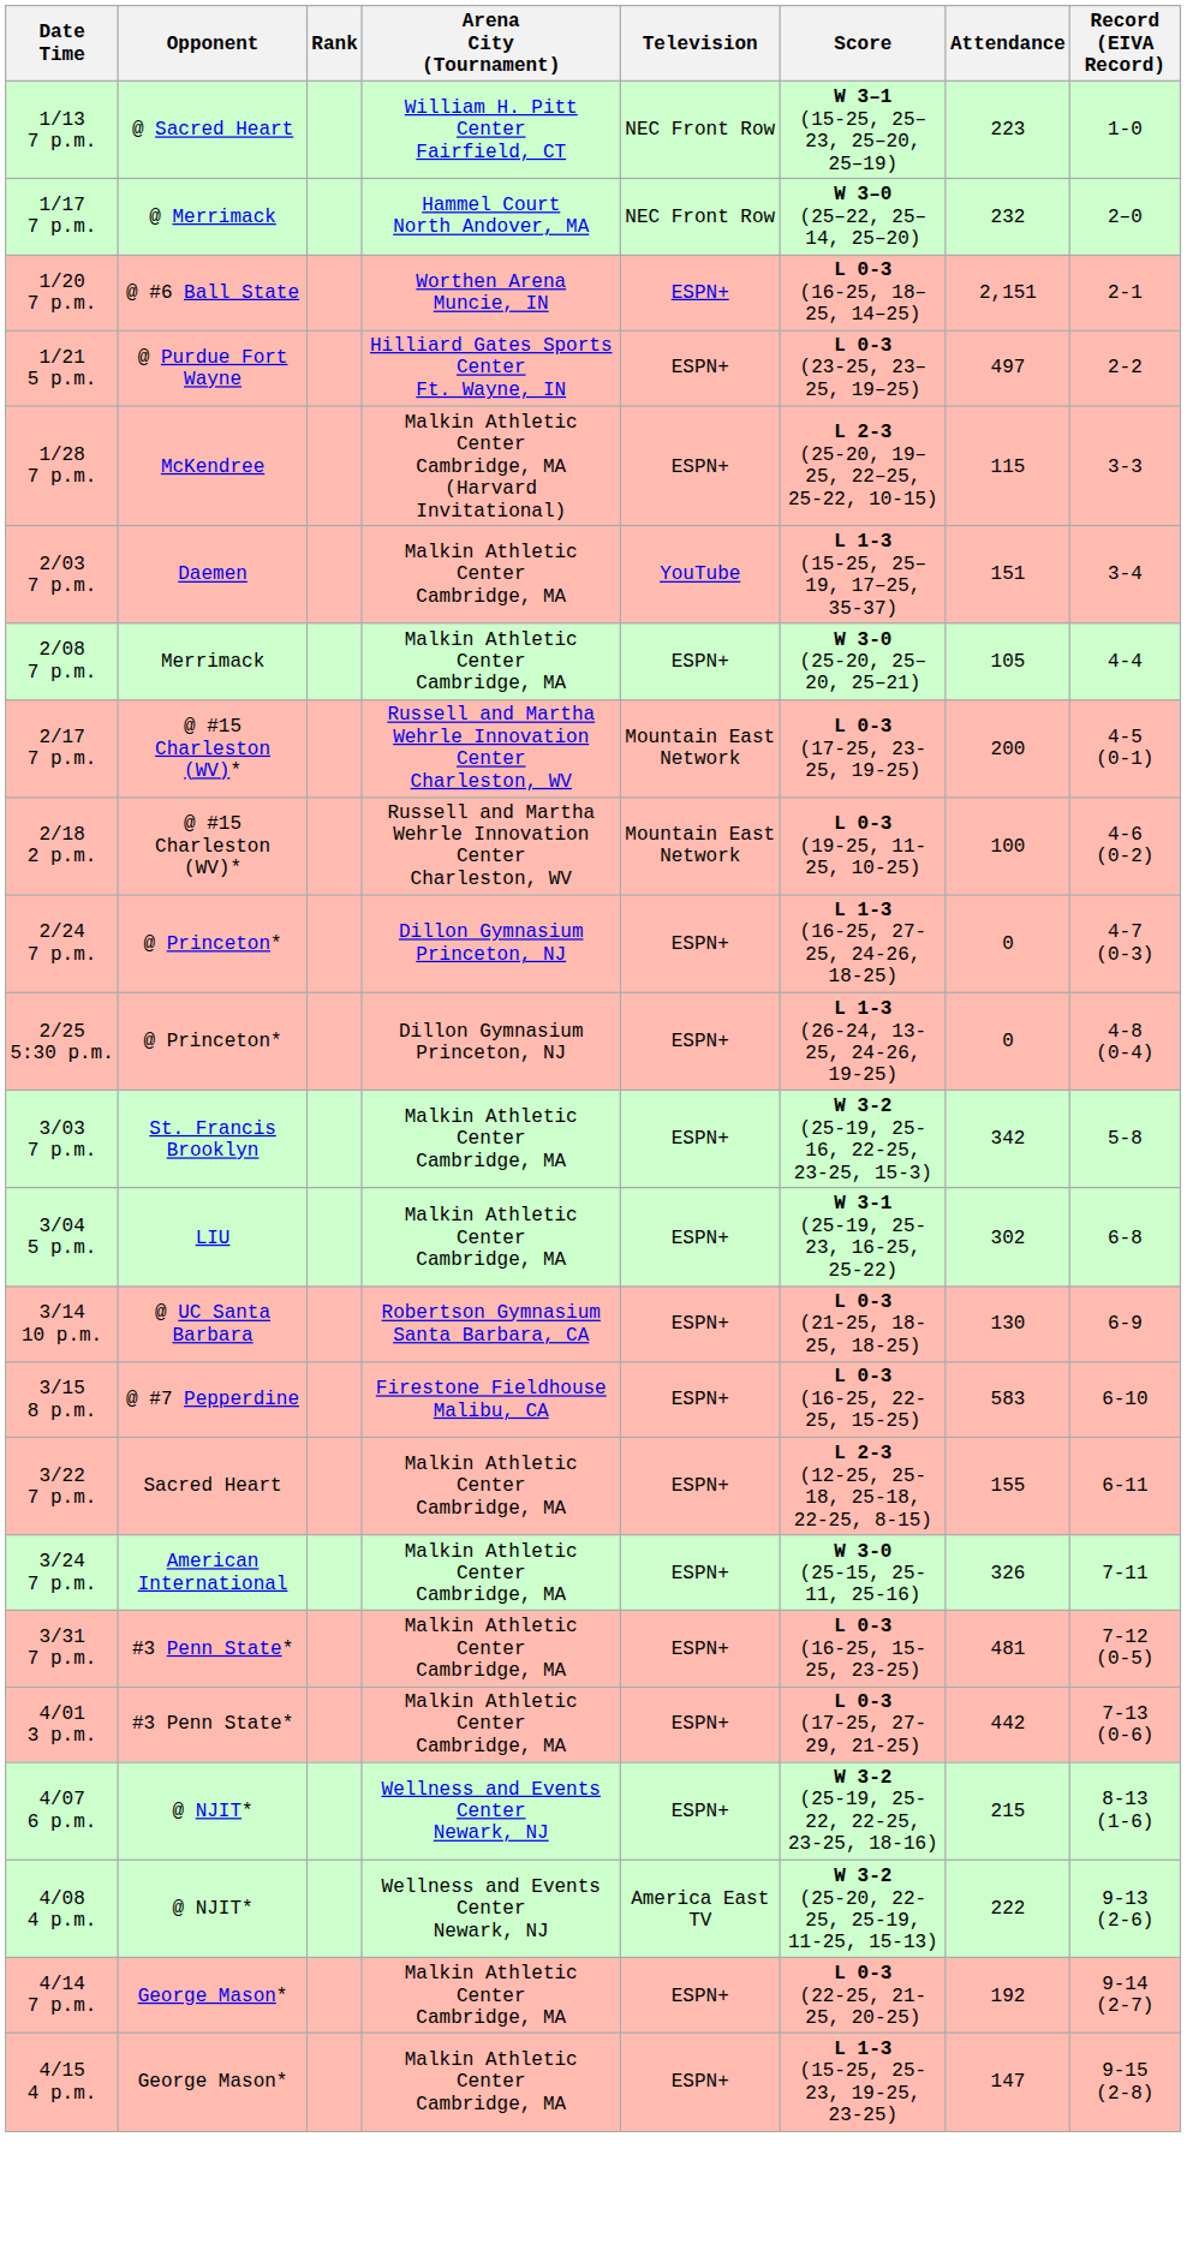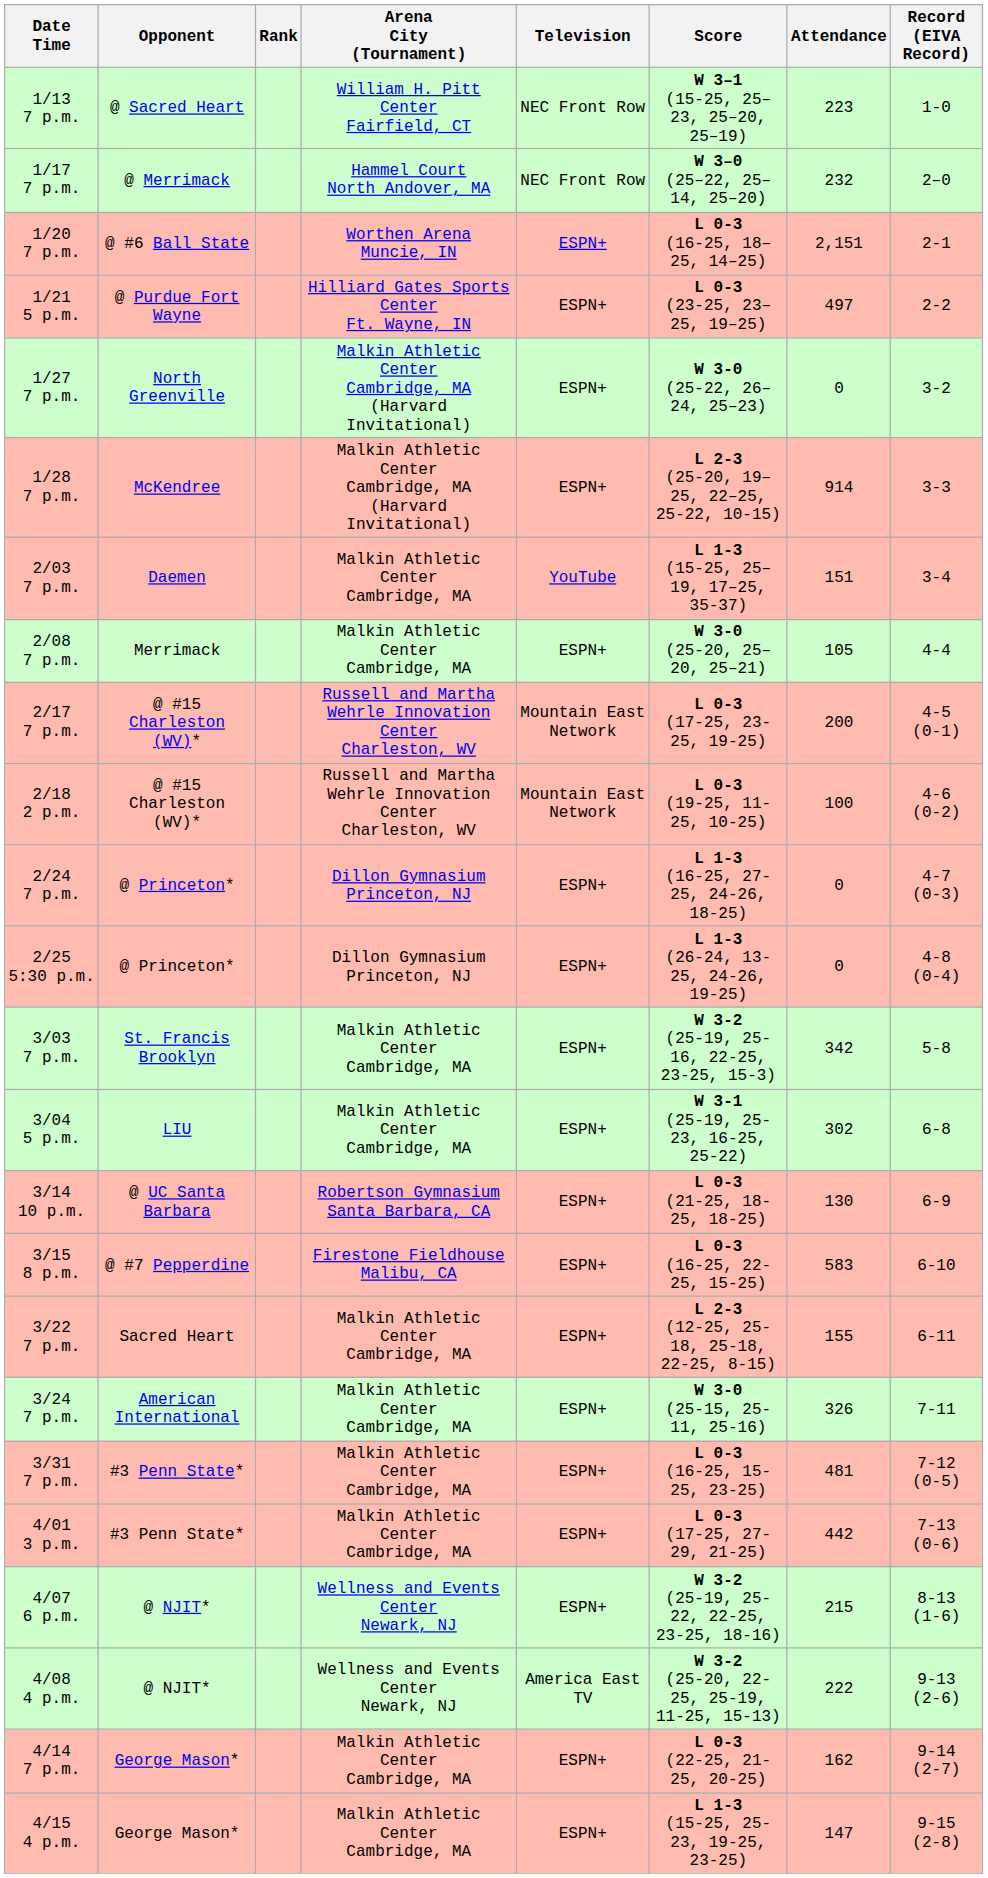 <table class="wikitable sortable" style="width:90%">
 <tr>
 <th !>Date<br>Time</th>
 <th>Opponent</th>
 <th>Rank</th>
 <th>Arena<br>City<br>(Tournament)</th>
 <th>Television</th>
 <th>Score</th>
 <th>Attendance</th>
 <th>Record<br>(EIVA Record)</th>
 </tr>
 <tr align="center" bgcolor="#ccffcc">
 <td>1/13<br>7 p.m.</td>
 <td>@ <a href='#'>Sacred Heart</a></td>
 <td></td>
 <td><a href='#'>William H. Pitt Center</a><br><a href='#'>Fairfield, CT</a></td>
 <td>NEC Front Row</td>
 <td><strong>W 3–1</strong><br>(15-25, 25–23, 25–20, 25–19)</td>
 <td>223</td>
 <td>1-0</td>
 </tr>
 <tr align="center" bgcolor="#ccffcc">
 <td>1/17<br>7 p.m.</td>
 <td>@ <a href='#'>Merrimack</a></td>
 <td></td>
 <td><a href='#'>Hammel Court</a><br><a href='#'>North Andover, MA</a></td>
 <td>NEC Front Row</td>
 <td><strong>W 3–0</strong><br>(25–22, 25–14, 25–20) </td>
 <td>232</td>
 <td>2–0</td>
 </tr>
 <tr align="center" bgcolor="#ffbbb">
 <td>1/20<br>7 p.m.</td>
 <td>@ #6 <a href='#'>Ball State</a></td>
 <td></td>
 <td><a href='#'>Worthen Arena</a><br><a href='#'>Muncie, IN</a></td>
 <td><a href='#'>ESPN+</a></td>
 <td><strong>L 0-3</strong><br>(16-25, 18–25, 14–25)</td>
 <td>2,151</td>
 <td>2-1</td>
 </tr>
 <tr align="center" bgcolor="#ffbbb">
 <td>1/21<br>5 p.m.</td>
 <td>@ <a href='#'>Purdue Fort Wayne</a></td>
 <td></td>
 <td><a href='#'>Hilliard Gates Sports Center</a><br><a href='#'>Ft. Wayne, IN</a></td>
 <td>ESPN+</td>
 <td><strong>L 0-3</strong><br>(23-25, 23–25, 19–25)</td>
 <td>497</td>
 <td>2-2</td>
 </tr>
+<tr align="center" bgcolor="#ccffcc">
+<td>1/27<br>7 p.m.</td>
+<td><a href='#'>North Greenville</a></td>
+<td></td>
+<td><a href='#'>Malkin Athletic Center</a><br><a href='#'>Cambridge, MA</a><br>(Harvard Invitational)</td>
+<td>ESPN+</td>
+<td><strong>W 3-0</strong><br>(25-22, 26–24, 25–23)</td>
+<td>0</td>
+<td>3-2</td>
+</tr>
 <tr align="center" bgcolor="#ffbbb">
 <td>1/28<br>7 p.m.</td>
 <td><a href='#'>McKendree</a></td>
 <td></td>
 <td>Malkin Athletic Center<br>Cambridge, MA<br>(Harvard Invitational)</td>
 <td>ESPN+</td>
 <td><strong>L 2-3</strong><br>(25-20, 19–25, 22–25, 25-22, 10-15)</td>
-<td>115</td>
+<td>914</td>
 <td>3-3</td>
 </tr>
 <tr align="center" bgcolor="#ffbbb">
 <td>2/03<br>7 p.m.</td>
 <td><a href='#'>Daemen</a></td>
 <td></td>
 <td>Malkin Athletic Center<br>Cambridge, MA</td>
 <td><a href='#'>YouTube</a></td>
 <td><strong>L 1-3</strong><br>(15-25, 25–19, 17–25, 35-37)</td>
 <td>151</td>
 <td>3-4</td>
 </tr>
 <tr align="center" bgcolor="#ccffcc">
 <td>2/08<br>7 p.m.</td>
 <td>Merrimack</td>
 <td></td>
 <td>Malkin Athletic Center<br>Cambridge, MA</td>
 <td>ESPN+</td>
 <td><strong>W 3-0</strong><br>(25-20, 25–20, 25–21)</td>
 <td>105</td>
 <td>4-4</td>
 </tr>
 <tr align="center" bgcolor="#ffbbb">
 <td>2/17<br>7 p.m.</td>
 <td>@ #15 <a href='#'>Charleston (WV)</a>*</td>
 <td></td>
 <td><a href='#'>Russell and Martha Wehrle Innovation Center</a><br><a href='#'>Charleston, WV</a></td>
 <td>Mountain East Network</td>
 <td><strong>L 0-3</strong><br>(17-25, 23-25, 19-25)</td>
 <td>200</td>
 <td>4-5<br>(0-1)</td>
 </tr>
 <tr align="center" bgcolor="#ffbbb">
 <td>2/18<br>2 p.m.</td>
 <td>@ #15 Charleston (WV)*</td>
 <td></td>
 <td>Russell and Martha Wehrle Innovation Center<br>Charleston, WV</td>
 <td>Mountain East Network</td>
 <td><strong>L 0-3</strong><br>(19-25, 11-25, 10-25)</td>
 <td>100</td>
 <td>4-6<br>(0-2)</td>
 </tr>
 <tr align="center" bgcolor="#ffbbb">
 <td>2/24<br>7 p.m.</td>
 <td>@ <a href='#'>Princeton</a>*</td>
 <td></td>
 <td><a href='#'>Dillon Gymnasium</a><br><a href='#'>Princeton, NJ</a></td>
 <td>ESPN+</td>
 <td><strong>L 1-3</strong><br>(16-25, 27-25, 24-26, 18-25)</td>
 <td>0</td>
 <td>4-7<br>(0-3)</td>
 </tr>
 <tr align="center" bgcolor="#ffbbb">
 <td>2/25<br>5:30 p.m.</td>
 <td>@ Princeton*</td>
 <td></td>
 <td>Dillon Gymnasium<br>Princeton, NJ</td>
 <td>ESPN+</td>
 <td><strong>L 1-3</strong><br>(26-24, 13-25, 24-26, 19-25)</td>
 <td>0</td>
 <td>4-8<br>(0-4)</td>
 </tr>
 <tr align="center" bgcolor="#ccffcc">
 <td>3/03<br>7 p.m.</td>
 <td><a href='#'>St. Francis Brooklyn</a></td>
 <td></td>
 <td>Malkin Athletic Center<br>Cambridge, MA</td>
 <td>ESPN+</td>
 <td><strong>W 3-2</strong><br>(25-19, 25-16, 22-25, 23-25, 15-3)</td>
 <td>342</td>
 <td>5-8</td>
 </tr>
 <tr align="center" bgcolor="#ccffcc">
 <td>3/04<br>5 p.m.</td>
 <td><a href='#'>LIU</a></td>
 <td></td>
 <td>Malkin Athletic Center<br>Cambridge, MA</td>
 <td>ESPN+</td>
 <td><strong>W 3-1</strong><br>(25-19, 25-23, 16-25, 25-22)</td>
 <td>302</td>
 <td>6-8</td>
 </tr>
 <tr align="center" bgcolor="#ffbbb">
 <td>3/14<br>10 p.m.</td>
 <td>@ <a href='#'>UC Santa Barbara</a></td>
 <td></td>
 <td><a href='#'>Robertson Gymnasium</a><br><a href='#'>Santa Barbara, CA</a></td>
 <td>ESPN+</td>
 <td><strong>L 0-3</strong><br>(21-25, 18-25, 18-25)</td>
 <td>130</td>
 <td>6-9</td>
 </tr>
 <tr align="center" bgcolor="#ffbbb">
 <td>3/15<br>8 p.m.</td>
 <td>@ #7 <a href='#'>Pepperdine</a></td>
 <td></td>
 <td><a href='#'>Firestone Fieldhouse</a><br><a href='#'>Malibu, CA</a></td>
 <td>ESPN+</td>
 <td><strong>L 0-3</strong><br>(16-25, 22-25, 15-25)</td>
 <td>583</td>
 <td>6-10</td>
 </tr>
 <tr align="center" bgcolor="#ffbbb">
 <td>3/22<br>7 p.m.</td>
 <td>Sacred Heart</td>
 <td></td>
 <td>Malkin Athletic Center<br>Cambridge, MA</td>
 <td>ESPN+</td>
 <td><strong>L 2-3</strong><br>(12-25, 25-18, 25-18, 22-25, 8-15)</td>
 <td>155</td>
 <td>6-11</td>
 </tr>
 <tr align="center" bgcolor="#ccffcc">
 <td>3/24<br>7 p.m.</td>
 <td><a href='#'>American International</a></td>
 <td></td>
 <td>Malkin Athletic Center<br>Cambridge, MA</td>
 <td>ESPN+</td>
 <td><strong>W 3-0</strong><br>(25-15, 25-11, 25-16)</td>
 <td>326</td>
 <td>7-11</td>
 </tr>
 <tr align="center" bgcolor="#ffbbb">
 <td>3/31<br>7 p.m.</td>
 <td>#3 <a href='#'>Penn State</a>*</td>
 <td></td>
 <td>Malkin Athletic Center<br>Cambridge, MA</td>
 <td>ESPN+</td>
 <td><strong>L 0-3</strong><br>(16-25, 15-25, 23-25)</td>
 <td>481</td>
 <td>7-12<br>(0-5)</td>
 </tr>
 <tr align="center" bgcolor="#ffbbb">
 <td>4/01<br>3 p.m.</td>
 <td>#3 Penn State*</td>
 <td></td>
 <td>Malkin Athletic Center<br>Cambridge, MA</td>
 <td>ESPN+</td>
 <td><strong>L 0-3</strong><br>(17-25, 27-29, 21-25)</td>
 <td>442</td>
 <td>7-13<br>(0-6)</td>
 </tr>
 <tr align="center" bgcolor="#ccffcc">
 <td>4/07<br>6 p.m.</td>
 <td>@ <a href='#'>NJIT</a>*</td>
 <td></td>
 <td><a href='#'>Wellness and Events Center</a><br><a href='#'>Newark, NJ</a></td>
 <td>ESPN+</td>
 <td><strong>W 3-2</strong><br>(25-19, 25-22, 22-25, 23-25, 18-16)</td>
 <td>215</td>
 <td>8-13<br>(1-6)</td>
 </tr>
 <tr align="center" bgcolor="#ccffcc">
 <td>4/08<br>4 p.m.</td>
 <td>@ NJIT*</td>
 <td></td>
 <td>Wellness and Events Center<br>Newark, NJ</td>
 <td>America East TV</td>
 <td><strong>W 3-2</strong><br>(25-20, 22-25, 25-19, 11-25, 15-13)</td>
 <td>222</td>
 <td>9-13<br>(2-6)</td>
 </tr>
 <tr align="center" bgcolor="#ffbbb">
 <td>4/14<br>7 p.m.</td>
 <td><a href='#'>George Mason</a>*</td>
 <td></td>
 <td>Malkin Athletic Center<br>Cambridge, MA</td>
 <td>ESPN+</td>
 <td><strong>L 0-3</strong><br>(22-25, 21-25, 20-25)</td>
-<td>192</td>
+<td>162</td>
 <td>9-14<br>(2-7)</td>
 </tr>
 <tr align="center" bgcolor="#ffbbb">
 <td>4/15<br>4 p.m.</td>
 <td>George Mason*</td>
 <td></td>
 <td>Malkin Athletic Center<br>Cambridge, MA</td>
 <td>ESPN+</td>
 <td><strong>L 1-3</strong><br>(15-25, 25-23, 19-25, 23-25)</td>
 <td>147</td>
 <td>9-15<br>(2-8)</td>
 </tr>
 <tr>
 </tr>
 </table>
